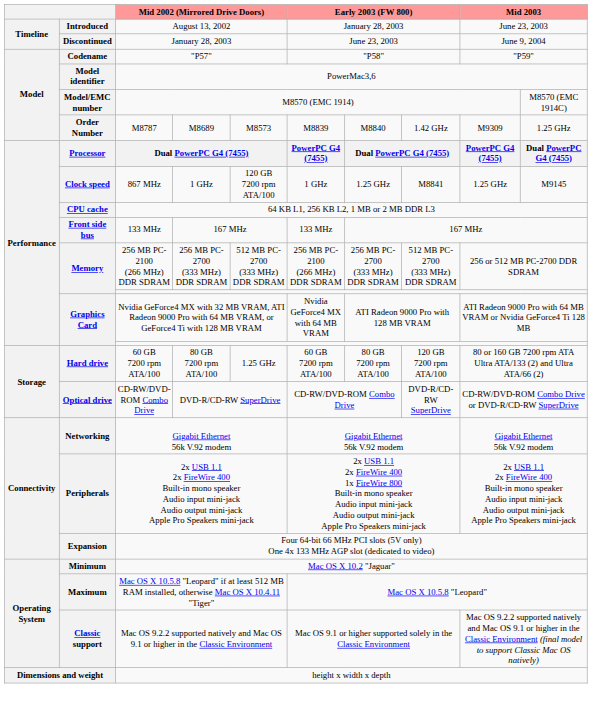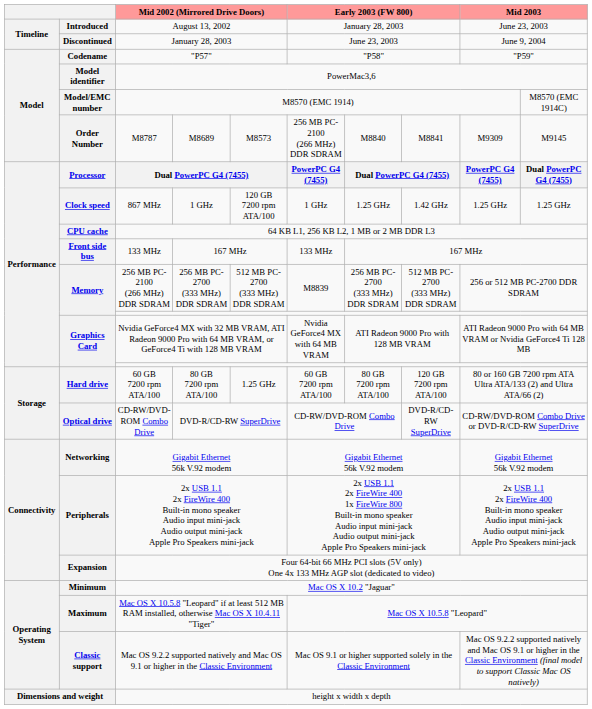 <table class="wikitable mw-collapsible" style="font-size:small; text-align:center">
 <tr>
 <th colspan=2></th>
 <th colspan=3 style="background:#FF9999">Mid 2002 (Mirrored Drive Doors)</th>
 <th colspan=3 style="background:#FF9999">Early 2003 (FW 800)</th>
 <th colspan=2 style="background:#FF9999">Mid 2003</th>
 </tr>
 <tr>
 <th rowspan=2>Timeline</th>
 <th>Introduced</th>
 <td colspan=3>August 13, 2002</td>
 <td colspan=3>January 28, 2003</td>
 <td colspan=2>June 23, 2003</td>
 </tr>
 <tr>
 <th>Discontinued</th>
 <td colspan=3>January 28, 2003</td>
 <td colspan=3>June 23, 2003</td>
 <td colspan=2>June 9, 2004</td>
 </tr>
 <tr>
 <th rowspan=4>Model</th>
 <th>Codename</th>
 <td colspan=3>"P57"</td>
 <td colspan=3>"P58"</td>
 <td colspan=2>"P59"</td>
 </tr>
 <tr>
 <th>Model identifier</th>
 <td colspan=8>PowerMac3,6</td>
 </tr>
 <tr>
 <th>Model/EMC number</th>
 <td colspan=7>M8570 (EMC 1914)</td>
 <td>M8570 (EMC 1914C)</td>
 </tr>
 <tr>
 <th>Order Number</th>
 <td>M8787</td>
 <td>M8689</td>
 <td>M8573</td>
-<td>M8839</td>
+<td>256 MB PC-2100 (266 MHz) DDR SDRAM</td>
 <td>M8840</td>
-<td>1.42 GHz</td>
+<td>M8841</td>
 <td>M9309</td>
-<td>1.25 GHz</td>
+<td>M9145 </td>
 </tr>
 <tr>
 <th rowspan=8>Performance</th>
 <th><a href='#'>Processor</a></th>
 <th colspan=3>Dual <a href='#'>PowerPC G4 (7455)</a></th>
 <th><a href='#'>PowerPC G4 (7455)</a></th>
 <th colspan=2>Dual  <a href='#'>PowerPC G4 (7455)</a></th>
 <th><a href='#'>PowerPC G4 (7455)</a></th>
 <th>Dual <a href='#'>PowerPC G4 (7455)</a></th>
 </tr>
 <tr>
 <th><a href='#'>Clock speed</a></th>
 <td>867 MHz</td>
 <td>1 GHz</td>
 <td>120 GB 7200 rpm ATA/100<br></td>
 <td>1 GHz</td>
 <td>1.25 GHz</td>
-<td>M8841</td>
+<td>1.42 GHz</td>
 <td>1.25 GHz</td>
-<td>M9145 </td>
+<td>1.25 GHz</td>
 </tr>
 <tr>
 <th><a href='#'>CPU cache</a></th>
 <td colspan=8>64 KB L1, 256 KB L2, 1 MB or 2 MB DDR L3</td>
 </tr>
 <tr>
 <th><a href='#'>Front side bus</a></th>
 <td>133 MHz</td>
 <td colspan=2>167 MHz</td>
 <td>133 MHz</td>
 <td colspan=4>167 MHz</td>
 </tr>
 <tr>
 <th rowspan=2><a href='#'>Memory</a></th>
 <td>256 MB PC-2100 (266 MHz) DDR SDRAM</td>
 <td>256 MB PC-2700 (333 MHz) DDR SDRAM</td>
 <td>512 MB PC-2700 (333 MHz) DDR SDRAM</td>
-<td>256 MB PC-2100 (266 MHz) DDR SDRAM</td>
+<td>M8839</td>
 <td>256 MB PC-2700 (333 MHz) DDR SDRAM</td>
 <td>512 MB PC-2700 (333 MHz) DDR SDRAM</td>
 <td colspan="2">256 or 512 MB PC-2700 DDR SDRAM</td>
 </tr>
 <tr>
 <td colspan=8></td>
 </tr>
 <tr>
 <th rowspan=2><a href='#'>Graphics Card</a></th>
 <td colspan=3>Nvidia GeForce4 MX with 32 MB VRAM, ATI Radeon 9000 Pro with 64 MB VRAM, or GeForce4 Ti with 128 MB VRAM</td>
 <td>Nvidia GeForce4 MX with 64 MB VRAM</td>
 <td colspan=2>ATI Radeon 9000 Pro with 128 MB VRAM</td>
 <td colspan=2>ATI Radeon 9000 Pro with 64 MB VRAM or Nvidia GeForce4 Ti 128 MB</td>
 </tr>
 <tr>
 <td colspan=8></td>
 </tr>
 <tr>
 <th rowspan=2>Storage</th>
 <th><a href='#'>Hard drive</a></th>
 <td>60 GB 7200 rpm ATA/100<br></td>
 <td>80 GB 7200 rpm ATA/100<br></td>
 <td>1.25 GHz</td>
 <td>60 GB 7200 rpm ATA/100<br></td>
 <td>80 GB 7200 rpm ATA/100<br></td>
 <td>120 GB 7200 rpm ATA/100<br></td>
 <td colspan=2>80 or 160 GB 7200 rpm ATA<br>Ultra ATA/133 (2) and Ultra ATA/66 (2)</td>
 </tr>
 <tr>
 <th><a href='#'>Optical drive</a></th>
 <td>CD-RW/DVD-ROM <a href='#'>Combo Drive</a></td>
 <td colspan=2>DVD-R/CD-RW <a href='#'>SuperDrive</a></td>
 <td colspan=2>CD-RW/DVD-ROM <a href='#'>Combo Drive</a></td>
 <td>DVD-R/CD-RW <a href='#'>SuperDrive</a></td>
 <td colspan=2>CD-RW/DVD-ROM <a href='#'>Combo Drive</a> or DVD-R/CD-RW <a href='#'>SuperDrive</a><br></td>
 </tr>
 <tr>
 <th rowspan=3>Connectivity</th>
 <th>Networking</th>
 <td colspan=3><br><a href='#'>Gigabit Ethernet</a><br>56k V.92 modem</td>
 <td colspan=3><br><a href='#'>Gigabit Ethernet</a><br>56k V.92 modem<br></td>
 <td colspan=2><br><a href='#'>Gigabit Ethernet</a><br>56k V.92 modem</td>
 </tr>
 <tr>
 <th>Peripherals</th>
 <td colspan=3>2x <a href='#'>USB 1.1</a><br>2x <a href='#'>FireWire 400</a><br>Built-in mono speaker<br>Audio input mini-jack<br>Audio output mini-jack<br>Apple Pro Speakers mini-jack</td>
 <td colspan=3>2x <a href='#'>USB 1.1</a><br>2x <a href='#'>FireWire 400</a><br>1x <a href='#'>FireWire 800</a><br>Built-in mono speaker<br>Audio input mini-jack<br>Audio output mini-jack<br>Apple Pro Speakers mini-jack</td>
 <td colspan=2>2x <a href='#'>USB 1.1</a><br>2x <a href='#'>FireWire 400</a><br>Built-in mono speaker<br>Audio input mini-jack<br>Audio output mini-jack<br>Apple Pro Speakers mini-jack</td>
 </tr>
 <tr>
 <th>Expansion</th>
 <td colspan=8>Four 64-bit 66 MHz PCI slots (5V only)<br>One 4x 133 MHz AGP slot (dedicated to video)</td>
 </tr>
 <tr>
 <th rowspan="3">Operating System</th>
 <th>Minimum</th>
 <td colspan="8"><a href='#'>Mac OS X 10.2</a> "Jaguar"</td>
 </tr>
 <tr>
 <th>Maximum</th>
 <td colspan="3"><a href='#'>Mac OS X 10.5.8</a> "Leopard" if at least 512 MB RAM installed, otherwise <a href='#'>Mac OS X 10.4.11</a> "Tiger"</td>
 <td colspan="5"><a href='#'>Mac OS X 10.5.8</a> "Leopard"</td>
 </tr>
 <tr>
 <th><a href='#'>Classic</a> support</th>
 <td colspan=3>Mac OS 9.2.2 supported natively and Mac OS 9.1 or higher in the <a href='#'>Classic Environment</a></td>
 <td colspan=3>Mac OS 9.1 or higher supported solely in the <a href='#'>Classic Environment</a></td>
 <td colspan=2>Mac OS 9.2.2 supported natively and Mac OS 9.1 or higher in the <a href='#'>Classic Environment</a> <em>(final model to support Classic Mac OS natively)</em></td>
 </tr>
 <tr>
 <th rowspan=2 colspan=2>Dimensions and weight</th>
 <td colspan=8> height x  width x  depth<br></td>
 </tr>
 </table>
